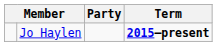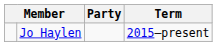 <table class="wikitable">
 <tr>
 <th colspan=2>Member</th>
 <th>Party</th>
 <th>Term</th>
 </tr>
 <tr>
 <td> </td>
 <td><a href='#'>Jo Haylen</a></td>
 <td></td>
-<td><strong><a href='#'>2015</a>–present</strong></td>
+<td><a href='#'>2015</a>–present</td>
 </tr>
 </table>
